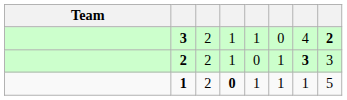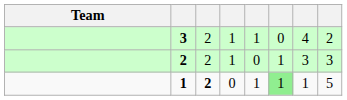 <table class="wikitable" style="text-align: center;">
 <tr>
 <th width=180>Team</th>
 <th width=20></th>
 <th width=20></th>
 <th width=20></th>
 <th width=20></th>
 <th width=20></th>
 <th width=20></th>
 <th width=20></th>
 </tr>
 <tr bgcolor=ccffcc>
 <td align=left></td>
 <td><strong>3</strong></td>
 <td>2</td>
 <td>1</td>
 <td>1</td>
 <td>0</td>
 <td>4</td>
-<td><strong>2</strong></td>
+<td>2</td>
 </tr>
 <tr bgcolor=ccffcc>
 <td align=left></td>
 <td><strong>2</strong></td>
 <td>2</td>
 <td>1</td>
 <td>0</td>
 <td>1</td>
-<td><strong>3</strong></td>
+<td>3</td>
 <td>3</td>
 </tr>
 <tr>
 <td align=left></td>
 <td><strong>1</strong></td>
-<td>2</td>
-<td><strong>0</strong></td>
+<td><strong>2</strong></td>
+<td>0</td>
 <td>1</td>
-<td>1</td>
+<td style="background: lightgreen;">1</td>
 <td>1</td>
 <td>5</td>
 </tr>
 </table>
